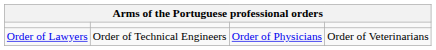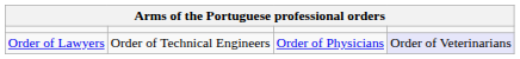 <table class="wikitable" style="margin:1em auto;">
 <tr>
 <th colspan=5>Arms of the Portuguese professional orders</th>
 </tr>
 <tr>
 <td align=center></td>
 <td align=center></td>
 <td align=center></td>
 <td align=center></td>
 </tr>
 <tr>
 <td align=center><a href='#'>Order of Lawyers</a></td>
 <td align=center>Order of Technical Engineers</td>
 <td align=center><a href='#'>Order of Physicians</a></td>
-<td align=center>Order of Veterinarians</td>
+<td align=center style="background: lavender;">Order of Veterinarians</td>
 </tr>
 </table>
